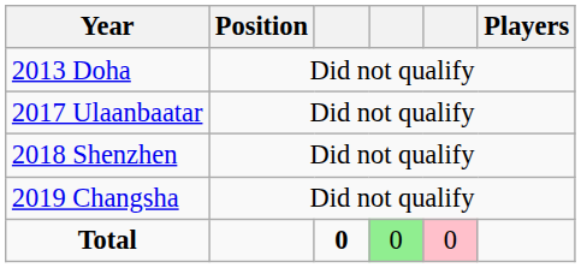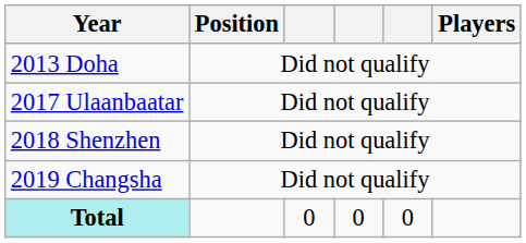 <table class="wikitable" style="text-align: center;">
 <tr>
 <th>Year</th>
 <th>Position</th>
 <th width=25px></th>
 <th width=25px></th>
 <th width=25px></th>
 <th>Players</th>
 </tr>
 <tr>
 <td style="text-align: left;"> <a href='#'>2013 Doha</a></td>
 <td colspan=5>Did not qualify</td>
 </tr>
 <tr>
 <td style="text-align: left;"> <a href='#'>2017 Ulaanbaatar</a></td>
 <td colspan=5>Did not qualify</td>
 </tr>
 <tr>
 <td style="text-align: left;"> <a href='#'>2018 Shenzhen</a></td>
 <td colspan=5>Did not qualify</td>
 </tr>
 <tr>
 <td style="text-align: left;"> <a href='#'>2019 Changsha</a></td>
 <td colspan=5>Did not qualify</td>
 </tr>
 <tr>
-<td><strong>Total</strong></td>
+<td style="background: paleturquoise;"><strong>Total</strong></td>
 <td></td>
-<td><strong>0</strong></td>
-<td style="background: lightgreen;">0</td>
-<td style="background: pink;">0</td>
+<td>0</td>
+<td>0</td>
+<td>0</td>
 <td></td>
 </tr>
 </table>
